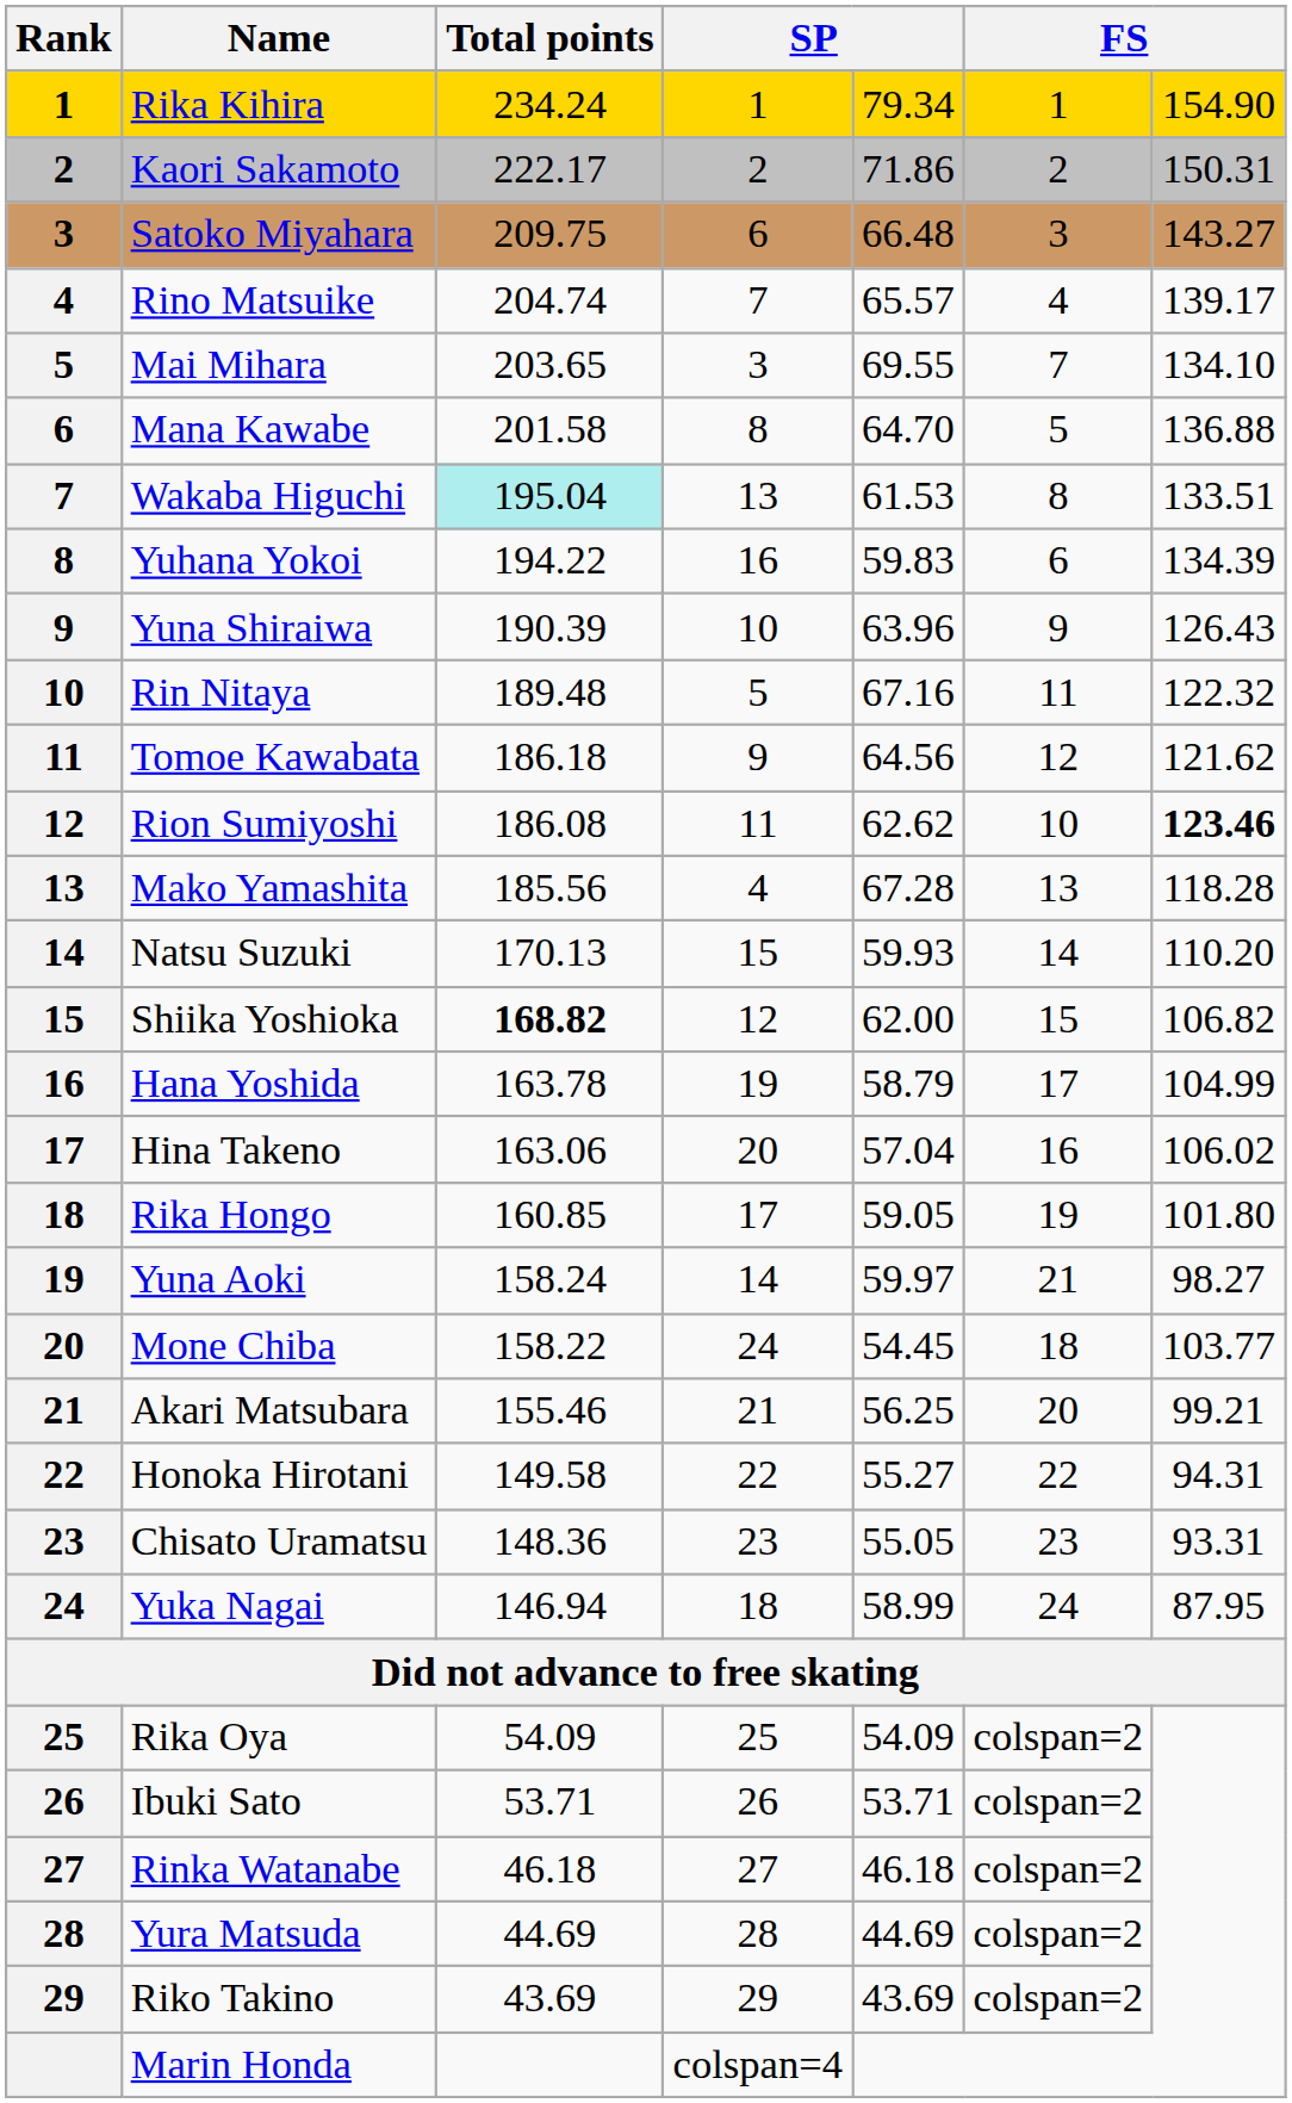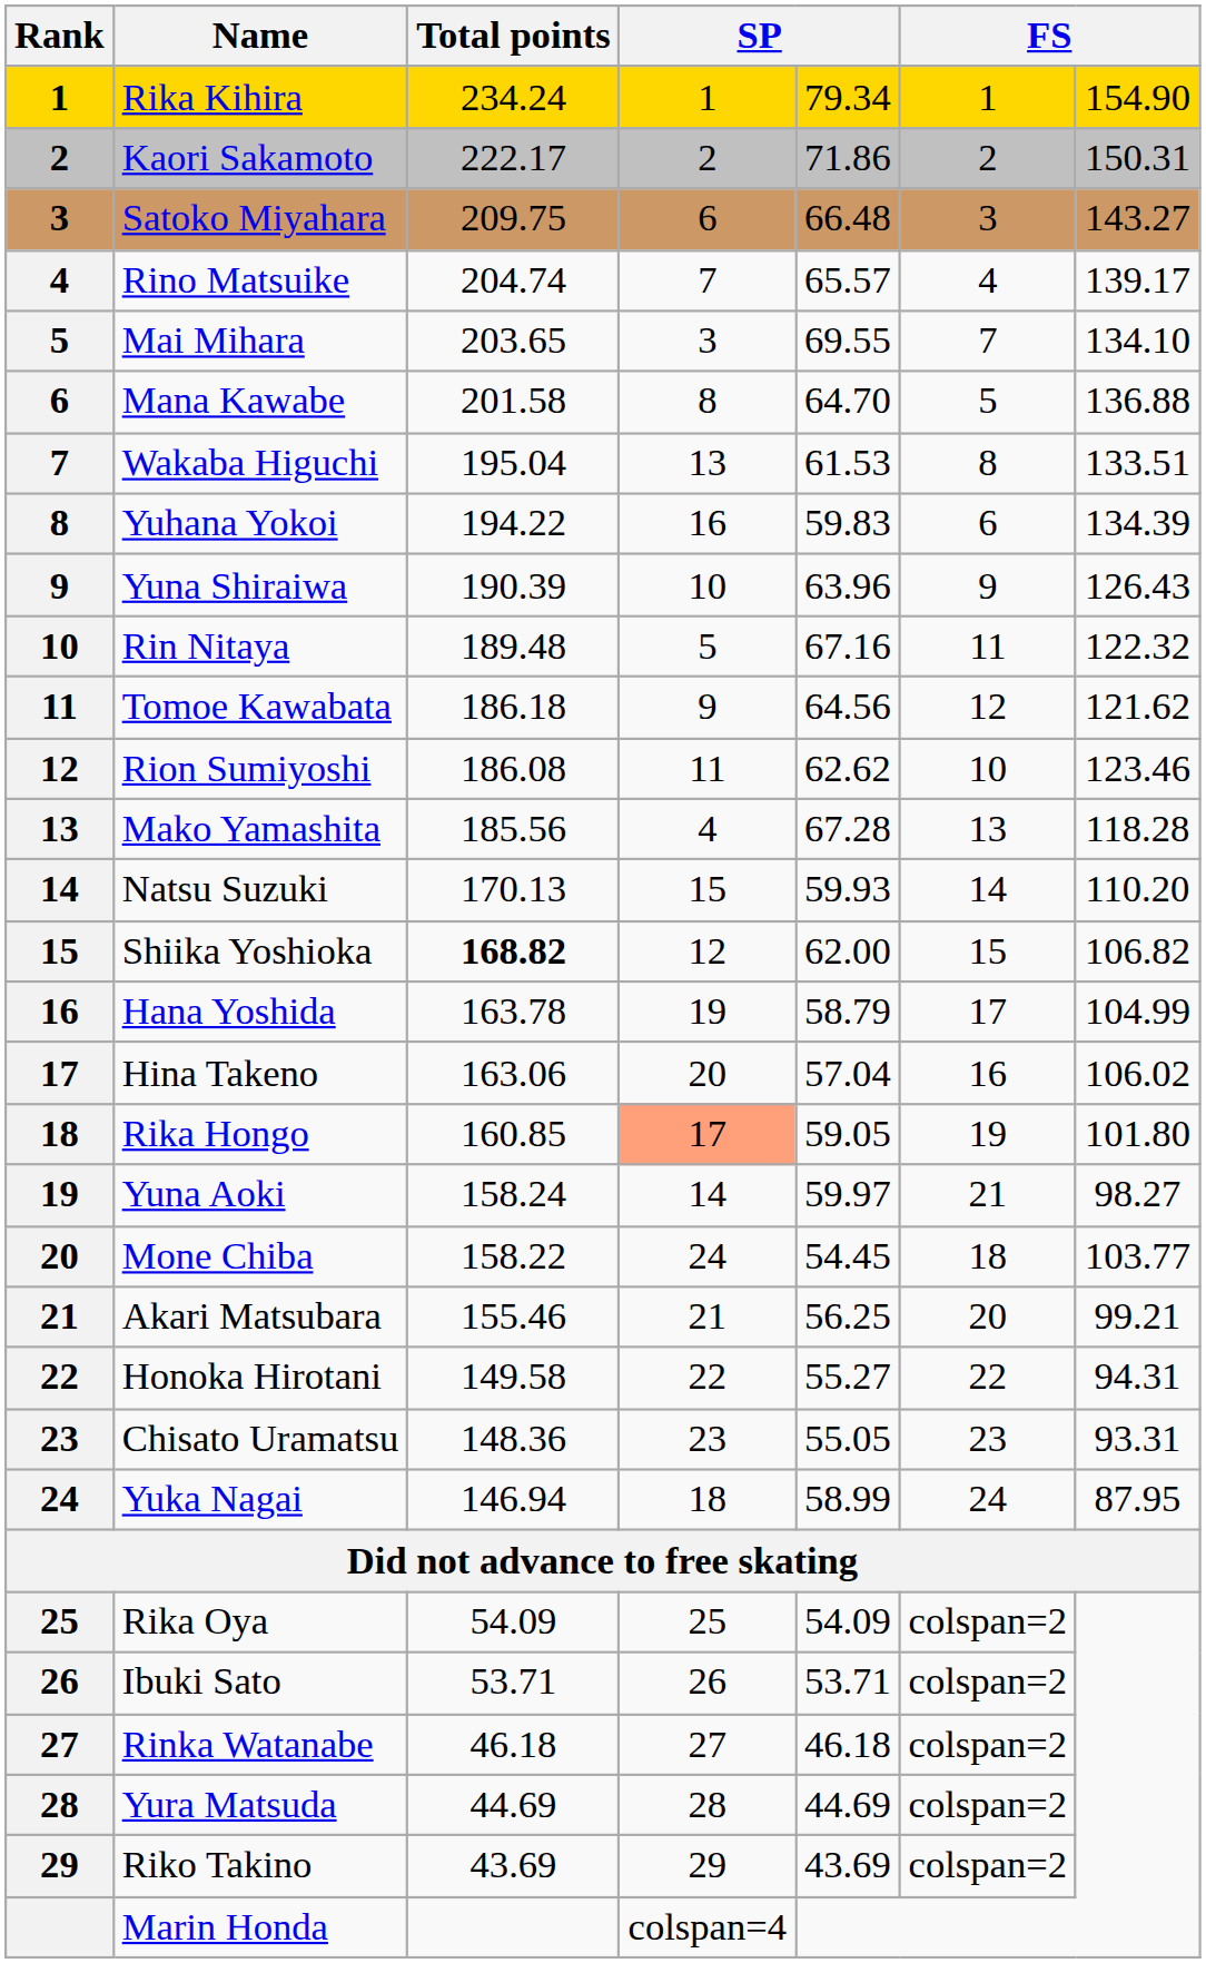 <table class="wikitable sortable">
 <tr>
 <th>Rank</th>
 <th>Name</th>
 <th>Total points</th>
 <th colspan="2" width="80px"><a href='#'>SP</a></th>
 <th colspan="2" width="80px"><a href='#'>FS</a></th>
 </tr>
 <tr bgcolor="gold">
 <td align="center"><strong>1</strong></td>
 <td><a href='#'>Rika Kihira</a></td>
 <td align="center">234.24</td>
 <td align="center">1</td>
 <td align="center">79.34</td>
 <td align="center">1</td>
 <td align="center">154.90</td>
 </tr>
 <tr bgcolor="silver">
 <td align="center"><strong>2</strong></td>
 <td><a href='#'>Kaori Sakamoto</a></td>
 <td align="center">222.17</td>
 <td align="center">2</td>
 <td align="center">71.86</td>
 <td align="center">2</td>
 <td align="center">150.31</td>
 </tr>
 <tr bgcolor="cc9966">
 <td align="center"><strong>3</strong></td>
 <td><a href='#'>Satoko Miyahara</a></td>
 <td align="center">209.75</td>
 <td align="center">6</td>
 <td align="center">66.48</td>
 <td align="center">3</td>
 <td align="center">143.27</td>
 </tr>
 <tr>
 <th>4</th>
 <td><a href='#'>Rino Matsuike</a></td>
 <td align="center">204.74</td>
 <td align="center">7</td>
 <td align="center">65.57</td>
 <td align="center">4</td>
 <td align="center">139.17</td>
 </tr>
 <tr>
 <th>5</th>
 <td><a href='#'>Mai Mihara</a></td>
 <td align="center">203.65</td>
 <td align="center">3</td>
 <td align="center">69.55</td>
 <td align="center">7</td>
 <td align="center">134.10</td>
 </tr>
 <tr>
 <th>6</th>
 <td><a href='#'>Mana Kawabe</a></td>
 <td align="center">201.58</td>
 <td align="center">8</td>
 <td align="center">64.70</td>
 <td align="center">5</td>
 <td align="center">136.88</td>
 </tr>
 <tr>
 <th>7</th>
 <td><a href='#'>Wakaba Higuchi</a></td>
-<td align="center" style="background: paleturquoise;">195.04</td>
+<td align="center">195.04</td>
 <td align="center">13</td>
 <td align="center">61.53</td>
 <td align="center">8</td>
 <td align="center">133.51</td>
 </tr>
 <tr>
 <th>8</th>
 <td><a href='#'>Yuhana Yokoi</a></td>
 <td align="center">194.22</td>
 <td align="center">16</td>
 <td align="center">59.83</td>
 <td align="center">6</td>
 <td align="center">134.39</td>
 </tr>
 <tr>
 <th>9</th>
 <td><a href='#'>Yuna Shiraiwa</a></td>
 <td align="center">190.39</td>
 <td align="center">10</td>
 <td align="center">63.96</td>
 <td align="center">9</td>
 <td align="center">126.43</td>
 </tr>
 <tr>
 <th>10</th>
 <td><a href='#'>Rin Nitaya</a></td>
 <td align="center">189.48</td>
 <td align="center">5</td>
 <td align="center">67.16</td>
 <td align="center">11</td>
 <td align="center">122.32</td>
 </tr>
 <tr>
 <th>11</th>
 <td><a href='#'>Tomoe Kawabata</a></td>
 <td align="center">186.18</td>
 <td align="center">9</td>
 <td align="center">64.56</td>
 <td align="center">12</td>
 <td align="center">121.62</td>
 </tr>
 <tr>
 <th>12</th>
 <td><a href='#'>Rion Sumiyoshi</a></td>
 <td align="center">186.08</td>
 <td align="center">11</td>
 <td align="center">62.62</td>
 <td align="center">10</td>
-<td align="center"><strong>123.46</strong></td>
+<td align="center">123.46</td>
 </tr>
 <tr>
 <th>13</th>
 <td><a href='#'>Mako Yamashita</a></td>
 <td align="center">185.56</td>
 <td align="center">4</td>
 <td align="center">67.28</td>
 <td align="center">13</td>
 <td align="center">118.28</td>
 </tr>
 <tr>
 <th>14</th>
 <td>Natsu Suzuki</td>
 <td align="center">170.13</td>
 <td align="center">15</td>
 <td align="center">59.93</td>
 <td align="center">14</td>
 <td align="center">110.20</td>
 </tr>
 <tr>
 <th>15</th>
 <td>Shiika Yoshioka</td>
 <td align="center"><strong>168.82</strong></td>
 <td align="center">12</td>
 <td align="center">62.00</td>
 <td align="center">15</td>
 <td align="center">106.82</td>
 </tr>
 <tr>
 <th>16</th>
 <td><a href='#'>Hana Yoshida</a></td>
 <td align="center">163.78</td>
 <td align="center">19</td>
 <td align="center">58.79</td>
 <td align="center">17</td>
 <td align="center">104.99</td>
 </tr>
 <tr>
 <th>17</th>
 <td>Hina Takeno</td>
 <td align="center">163.06</td>
 <td align="center">20</td>
 <td align="center">57.04</td>
 <td align="center">16</td>
 <td align="center">106.02</td>
 </tr>
 <tr>
 <th>18</th>
 <td><a href='#'>Rika Hongo</a></td>
 <td align="center">160.85</td>
-<td align="center">17</td>
+<td align="center" style="background: lightsalmon;">17</td>
 <td align="center">59.05</td>
 <td align="center">19</td>
 <td align="center">101.80</td>
 </tr>
 <tr>
 <th>19</th>
 <td><a href='#'>Yuna Aoki</a></td>
 <td align="center">158.24</td>
 <td align="center">14</td>
 <td align="center">59.97</td>
 <td align="center">21</td>
 <td align="center">98.27</td>
 </tr>
 <tr>
 <th>20</th>
 <td><a href='#'>Mone Chiba</a></td>
 <td align="center">158.22</td>
 <td align="center">24</td>
 <td align="center">54.45</td>
 <td align="center">18</td>
 <td align="center">103.77</td>
 </tr>
 <tr>
 <th>21</th>
 <td>Akari Matsubara</td>
 <td align="center">155.46</td>
 <td align="center">21</td>
 <td align="center">56.25</td>
 <td align="center">20</td>
 <td align="center">99.21</td>
 </tr>
 <tr>
 <th>22</th>
 <td>Honoka Hirotani</td>
 <td align="center">149.58</td>
 <td align="center">22</td>
 <td align="center">55.27</td>
 <td align="center">22</td>
 <td align="center">94.31</td>
 </tr>
 <tr>
 <th>23</th>
 <td>Chisato Uramatsu</td>
 <td align="center">148.36</td>
 <td align="center">23</td>
 <td align="center">55.05</td>
 <td align="center">23</td>
 <td align="center">93.31</td>
 </tr>
 <tr>
 <th>24</th>
 <td><a href='#'>Yuka Nagai</a></td>
 <td align="center">146.94</td>
 <td align="center">18</td>
 <td align="center">58.99</td>
 <td align="center">24</td>
 <td align="center">87.95</td>
 </tr>
 <tr>
 <th colspan=8>Did not advance to free skating</th>
 </tr>
 <tr>
 <th>25</th>
 <td>Rika Oya</td>
 <td align="center">54.09</td>
 <td align="center">25</td>
 <td align="center">54.09</td>
 <td>colspan=2 </td>
 </tr>
 <tr>
 <th>26</th>
 <td>Ibuki Sato</td>
 <td align="center">53.71</td>
 <td align="center">26</td>
 <td align="center">53.71</td>
 <td>colspan=2 </td>
 </tr>
 <tr>
 <th>27</th>
 <td><a href='#'>Rinka Watanabe</a></td>
 <td align="center">46.18</td>
 <td align="center">27</td>
 <td align="center">46.18</td>
 <td>colspan=2 </td>
 </tr>
 <tr>
 <th>28</th>
 <td><a href='#'>Yura Matsuda</a></td>
 <td align="center">44.69</td>
 <td align="center">28</td>
 <td align="center">44.69</td>
 <td>colspan=2 </td>
 </tr>
 <tr>
 <th>29</th>
 <td>Riko Takino</td>
 <td align="center">43.69</td>
 <td align="center">29</td>
 <td align="center">43.69</td>
 <td>colspan=2 </td>
 </tr>
 <tr>
 <th></th>
 <td><a href='#'>Marin Honda</a></td>
 <td></td>
 <td>colspan=4 </td>
 </tr>
 </table>
